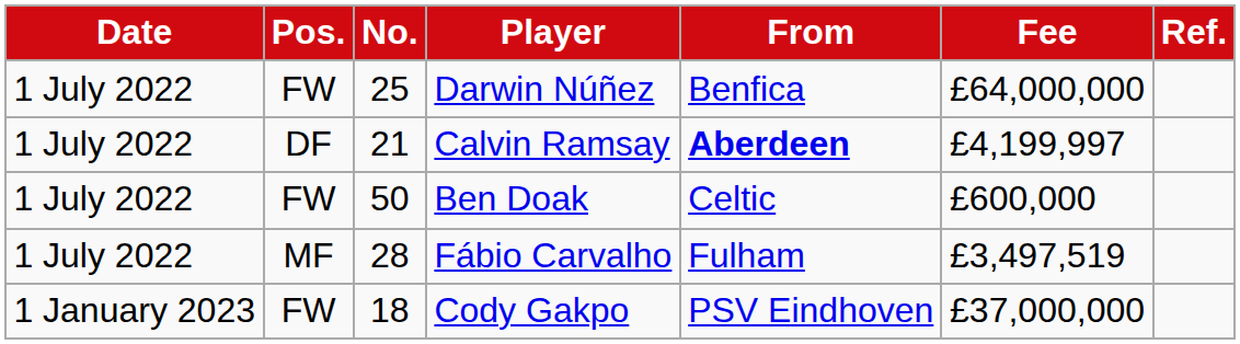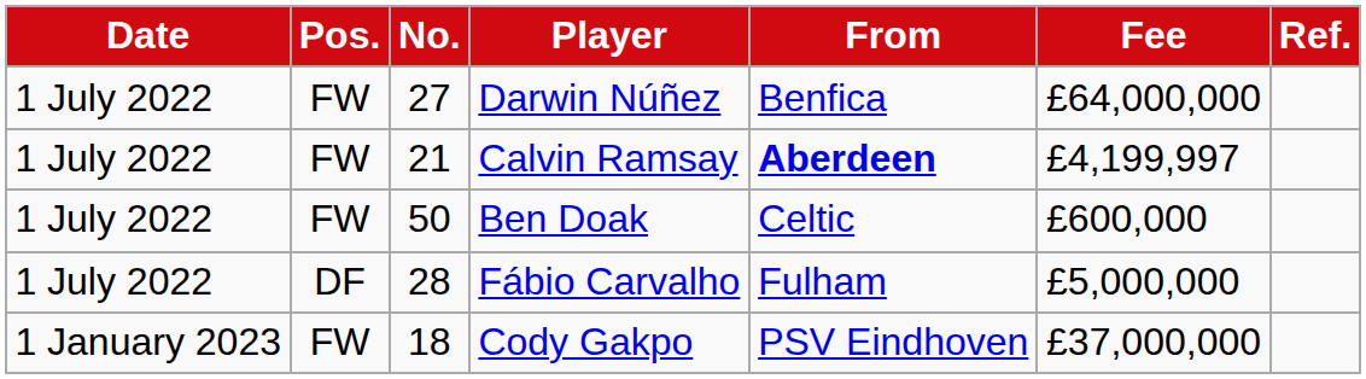 <table class="wikitable plainrowheaders sortable">
 <tr>
 <th style="background:#D10A11; color:#ffffff; ">Date</th>
 <th style="background:#D10A11; color:#ffffff; ">Pos.</th>
 <th style="background:#D10A11; color:#ffffff; ">No.</th>
 <th style="background:#D10A11; color:#ffffff; ">Player</th>
 <th style="background:#D10A11; color:#ffffff; ">From</th>
 <th style="background:#D10A11; color:#ffffff; ">Fee</th>
 <th style="background:#D10A11; color:#ffffff; ">Ref.</th>
 </tr>
 <tr>
 <td>1 July 2022</td>
 <td style="text-align:center;">FW</td>
-<td style="text-align:center;">25</td>
+<td style="text-align:center;">27</td>
 <td style="text-align:left;"> <a href='#'>Darwin Núñez</a></td>
 <td style="text-align:left;"> <a href='#'>Benfica</a></td>
 <td>£64,000,000</td>
 <td></td>
 </tr>
 <tr>
 <td>1 July 2022</td>
-<td style="text-align:center;">DF</td>
+<td style="text-align:center;">FW</td>
 <td style="text-align:center;">21</td>
 <td style="text-align:left;"> <a href='#'>Calvin Ramsay</a></td>
 <td style="text-align:left;"><strong> <a href='#'>Aberdeen</a></strong></td>
 <td>£4,199,997</td>
 <td></td>
 </tr>
 <tr>
 <td>1 July 2022</td>
 <td style="text-align:center;">FW</td>
 <td style="text-align:center;">50</td>
 <td style="text-align:left;"> <a href='#'>Ben Doak</a></td>
 <td style="text-align:left;"> <a href='#'>Celtic</a></td>
 <td>£600,000</td>
 <td></td>
 </tr>
 <tr>
 <td>1 July 2022</td>
-<td style="text-align:center;">MF</td>
+<td style="text-align:center;">DF</td>
 <td style="text-align:center;">28</td>
 <td style="text-align:left;"> <a href='#'>Fábio Carvalho</a></td>
 <td style="text-aglin:left;"> <a href='#'>Fulham</a></td>
-<td>£3,497,519</td>
+<td>£5,000,000</td>
 <td></td>
 </tr>
 <tr>
 <td>1 January 2023</td>
 <td style="text-align:center;">FW</td>
 <td style="text-align:center;">18</td>
 <td style="text-align:left;"> <a href='#'>Cody Gakpo</a></td>
 <td style="text-align:left;"> <a href='#'>PSV Eindhoven</a></td>
 <td>£37,000,000</td>
 <td></td>
 </tr>
 </table>
